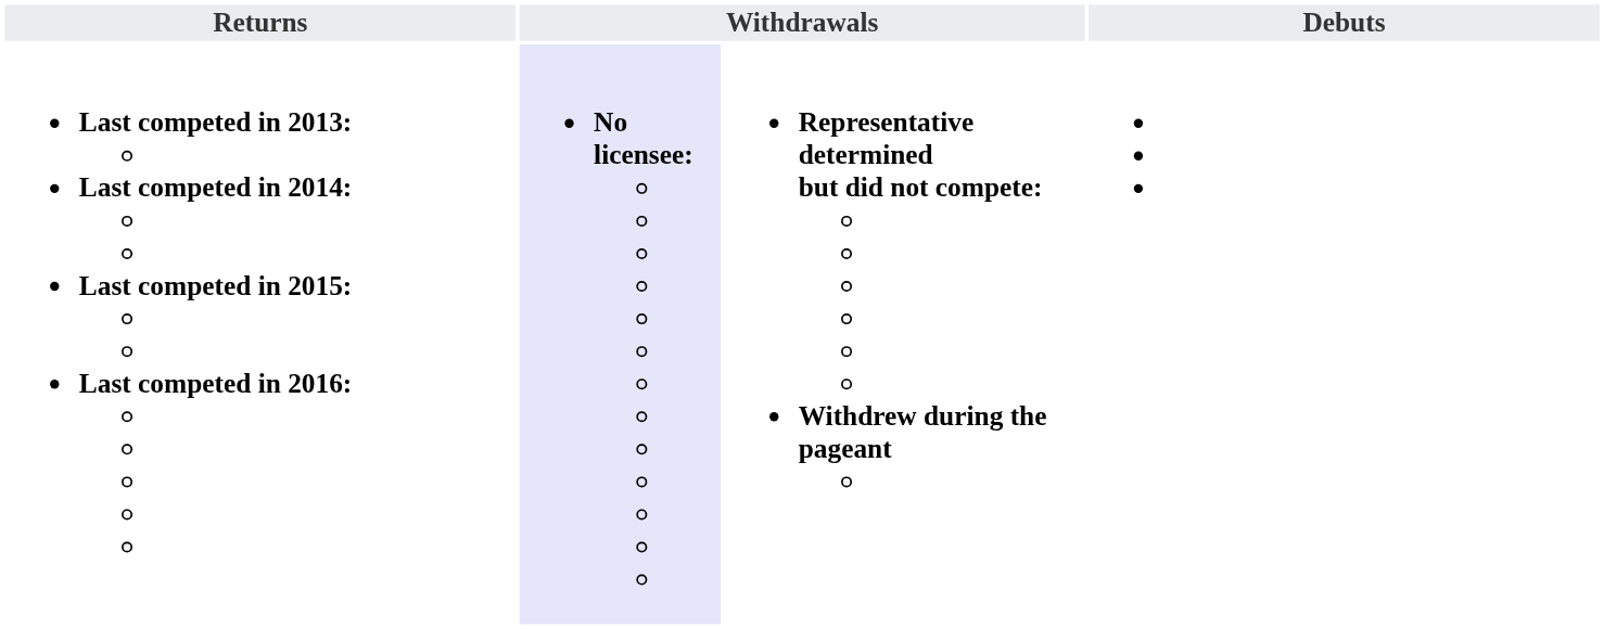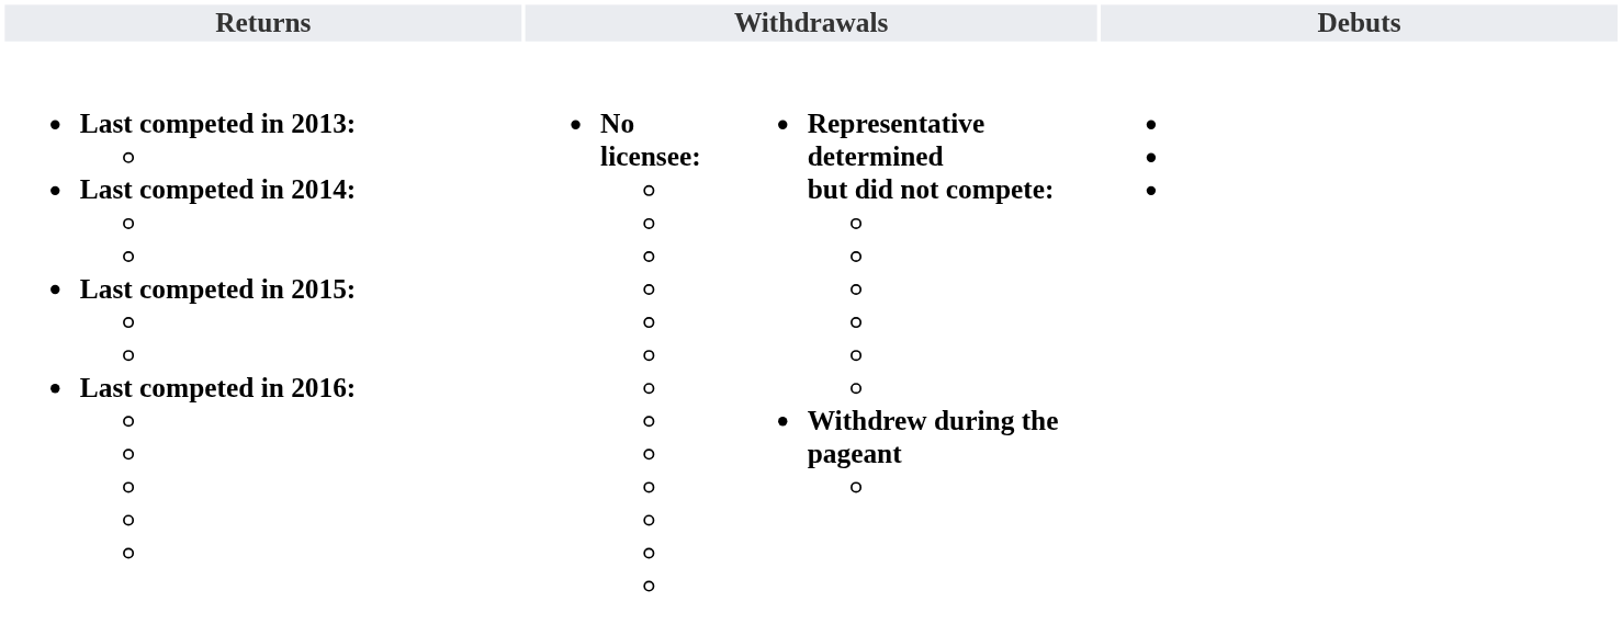 <table style="font-size: 95%">
 <tr>
 <th width=280px style = "background: #eaecf0; color:#333333; ">Returns</th>
 <th colspan=2 width=280px style = "background: #eaecf0; color:#333333; ">Withdrawals</th>
 <th width=280px style = "background: #eaecf0; color:#333333; ">Debuts</th>
 </tr>
 <tr>
 <td valign = "top"><br><ul><li><strong>Last competed in 2013:</strong><ul><li></li></ul></li><li><strong>Last competed in 2014:</strong><ul><li></li><li></li></ul></li><li><strong>Last competed in 2015:</strong><ul><li></li><li></li></ul></li><li><strong>Last competed in 2016:</strong><ul><li></li><li></li><li></li><li></li><li></li></ul></li></ul></td>
-<td valign = "top" style="background: lavender;"><br><ul><li><strong>No licensee:</strong><ul><li></li><li></li><li></li><li></li><li></li><li></li><li></li><li></li><li></li><li></li><li></li><li></li><li></li></ul></li></ul></td>
+<td valign = "top"><br><ul><li><strong>No licensee:</strong><ul><li></li><li></li><li></li><li></li><li></li><li></li><li></li><li></li><li></li><li></li><li></li><li></li><li></li></ul></li></ul></td>
 <td valign = "top"><br><ul><li><strong>Representative determined<br>but did not compete:</strong><ul><li></li><li></li><li></li><li></li><li></li><li></li></ul></li><li><strong>Withdrew during the pageant</strong><ul><li></li></ul></li></ul></td>
 <td valign = "top"><br><ul><li></li><li></li><li></li></ul></td>
 </tr>
 <tr>
 </tr>
 </table>
